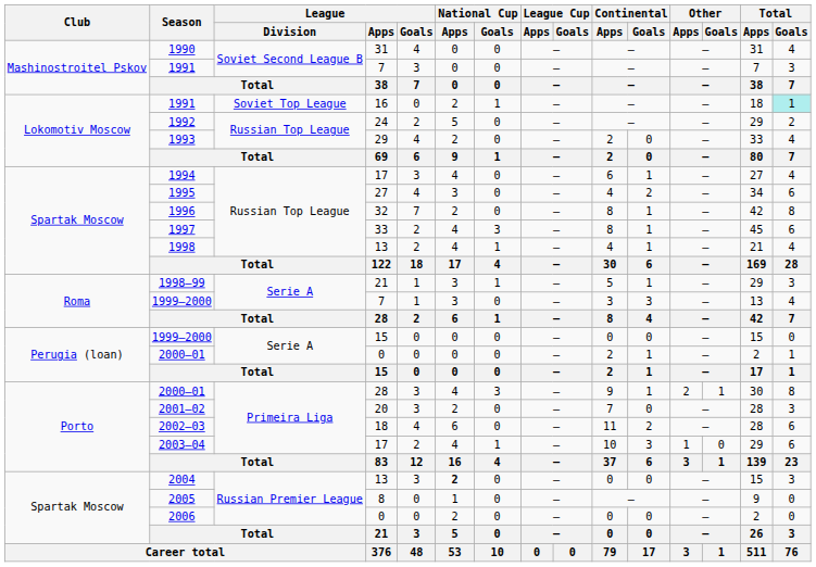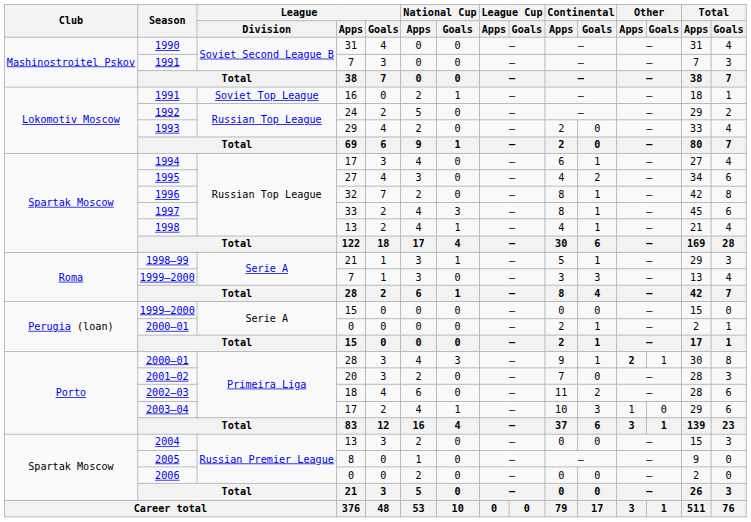 <table class="wikitable" style="text-align: center">
 <tr>
 <th rowspan="2">Club</th>
 <th rowspan="2">Season</th>
 <th colspan="3">League</th>
 <th colspan="2">National Cup</th>
 <th colspan="2">League Cup</th>
 <th colspan="2">Continental</th>
 <th colspan="2">Other</th>
 <th colspan="2">Total</th>
 </tr>
 <tr>
 <th>Division</th>
 <th>Apps</th>
 <th>Goals</th>
 <th>Apps</th>
 <th>Goals</th>
 <th>Apps</th>
 <th>Goals</th>
 <th>Apps</th>
 <th>Goals</th>
 <th>Apps</th>
 <th>Goals</th>
 <th>Apps</th>
 <th>Goals</th>
 </tr>
 <tr>
 <td rowspan="3"><a href='#'>Mashinostroitel Pskov</a></td>
 <td><a href='#'>1990</a></td>
 <td rowspan="2"><a href='#'>Soviet Second League B</a></td>
 <td>31</td>
 <td>4</td>
 <td>0</td>
 <td>0</td>
 <td colspan="2">—</td>
 <td colspan="2">—</td>
 <td colspan="2">—</td>
 <td>31</td>
 <td>4</td>
 </tr>
 <tr>
 <td><a href='#'>1991</a></td>
 <td>7</td>
 <td>3</td>
 <td>0</td>
 <td>0</td>
 <td colspan="2">—</td>
 <td colspan="2">—</td>
 <td colspan="2">—</td>
 <td>7</td>
 <td>3</td>
 </tr>
 <tr>
 <th colspan="2">Total</th>
 <th>38</th>
 <th>7</th>
 <th>0</th>
 <th>0</th>
 <th colspan="2">—</th>
 <th colspan="2">—</th>
 <th colspan="2">—</th>
 <th>38</th>
 <th>7</th>
 </tr>
 <tr>
 <td rowspan="4"><a href='#'>Lokomotiv Moscow</a></td>
 <td><a href='#'>1991</a></td>
 <td><a href='#'>Soviet Top League</a></td>
 <td>16</td>
 <td>0</td>
 <td>2</td>
 <td>1</td>
 <td colspan="2">—</td>
 <td colspan="2">—</td>
 <td colspan="2">—</td>
 <td>18</td>
-<td style="background: paleturquoise;">1</td>
+<td>1</td>
 </tr>
 <tr>
 <td><a href='#'>1992</a></td>
 <td rowspan="2"><a href='#'>Russian Top League</a></td>
 <td>24</td>
 <td>2</td>
 <td>5</td>
 <td>0</td>
 <td colspan="2">—</td>
 <td colspan="2">—</td>
 <td colspan="2">—</td>
 <td>29</td>
 <td>2</td>
 </tr>
 <tr>
 <td><a href='#'>1993</a></td>
 <td>29</td>
 <td>4</td>
 <td>2</td>
 <td>0</td>
 <td colspan="2">—</td>
 <td>2</td>
 <td>0</td>
 <td colspan="2">—</td>
 <td>33</td>
 <td>4</td>
 </tr>
 <tr>
 <th colspan="2">Total</th>
 <th>69</th>
 <th>6</th>
 <th>9</th>
 <th>1</th>
 <th colspan="2">—</th>
 <th>2</th>
 <th>0</th>
 <th colspan="2">—</th>
 <th>80</th>
 <th>7</th>
 </tr>
 <tr>
 <td rowspan="6"><a href='#'>Spartak Moscow</a></td>
 <td><a href='#'>1994</a></td>
 <td rowspan="5">Russian Top League</td>
 <td>17</td>
 <td>3</td>
 <td>4</td>
 <td>0</td>
 <td colspan="2">—</td>
 <td>6</td>
 <td>1</td>
 <td colspan="2">—</td>
 <td>27</td>
 <td>4</td>
 </tr>
 <tr>
 <td><a href='#'>1995</a></td>
 <td>27</td>
 <td>4</td>
 <td>3</td>
 <td>0</td>
 <td colspan="2">—</td>
 <td>4</td>
 <td>2</td>
 <td colspan="2">—</td>
 <td>34</td>
 <td>6</td>
 </tr>
 <tr>
 <td><a href='#'>1996</a></td>
 <td>32</td>
 <td>7</td>
 <td>2</td>
 <td>0</td>
 <td colspan="2">—</td>
 <td>8</td>
 <td>1</td>
 <td colspan="2">—</td>
 <td>42</td>
 <td>8</td>
 </tr>
 <tr>
 <td><a href='#'>1997</a></td>
 <td>33</td>
 <td>2</td>
 <td>4</td>
 <td>3</td>
 <td colspan="2">—</td>
 <td>8</td>
 <td>1</td>
 <td colspan="2">—</td>
 <td>45</td>
 <td>6</td>
 </tr>
 <tr>
 <td><a href='#'>1998</a></td>
 <td>13</td>
 <td>2</td>
 <td>4</td>
 <td>1</td>
 <td colspan="2">—</td>
 <td>4</td>
 <td>1</td>
 <td colspan="2">—</td>
 <td>21</td>
 <td>4</td>
 </tr>
 <tr>
 <th colspan="2">Total</th>
 <th>122</th>
 <th>18</th>
 <th>17</th>
 <th>4</th>
 <th colspan="2">—</th>
 <th>30</th>
 <th>6</th>
 <th colspan="2">—</th>
 <th>169</th>
 <th>28</th>
 </tr>
 <tr>
 <td rowspan="3"><a href='#'>Roma</a></td>
 <td><a href='#'>1998–99</a></td>
 <td rowspan="2"><a href='#'>Serie A</a></td>
 <td>21</td>
 <td>1</td>
 <td>3</td>
 <td>1</td>
 <td colspan="2">—</td>
 <td>5</td>
 <td>1</td>
 <td colspan="2">—</td>
 <td>29</td>
 <td>3</td>
 </tr>
 <tr>
 <td><a href='#'>1999–2000</a></td>
 <td>7</td>
 <td>1</td>
 <td>3</td>
 <td>0</td>
 <td colspan="2">—</td>
 <td>3</td>
 <td>3</td>
 <td colspan="2">—</td>
 <td>13</td>
 <td>4</td>
 </tr>
 <tr>
 <th colspan="2">Total</th>
 <th>28</th>
 <th>2</th>
 <th>6</th>
 <th>1</th>
 <th colspan="2">—</th>
 <th>8</th>
 <th>4</th>
 <th colspan="2">—</th>
 <th>42</th>
 <th>7</th>
 </tr>
 <tr>
 <td rowspan="3"><a href='#'>Perugia</a> (loan)</td>
 <td><a href='#'>1999–2000</a></td>
 <td rowspan="2">Serie A</td>
 <td>15</td>
 <td>0</td>
 <td>0</td>
 <td>0</td>
 <td colspan="2">—</td>
 <td>0</td>
 <td>0</td>
 <td colspan="2">—</td>
 <td>15</td>
 <td>0</td>
 </tr>
 <tr>
 <td><a href='#'>2000–01</a></td>
 <td>0</td>
 <td>0</td>
 <td>0</td>
 <td>0</td>
 <td colspan="2">—</td>
 <td>2</td>
 <td>1</td>
 <td colspan="2">—</td>
 <td>2</td>
 <td>1</td>
 </tr>
 <tr>
 <th colspan="2">Total</th>
 <th>15</th>
 <th>0</th>
 <th>0</th>
 <th>0</th>
 <th colspan="2">—</th>
 <th>2</th>
 <th>1</th>
 <th colspan="2">—</th>
 <th>17</th>
 <th>1</th>
 </tr>
 <tr>
 <td rowspan="5"><a href='#'>Porto</a></td>
 <td><a href='#'>2000–01</a></td>
 <td rowspan="4"><a href='#'>Primeira Liga</a></td>
 <td>28</td>
 <td>3</td>
 <td>4</td>
 <td>3</td>
 <td colspan="2">—</td>
 <td>9</td>
 <td>1</td>
-<td>2</td>
+<td><strong>2</strong></td>
 <td>1</td>
 <td>30</td>
 <td>8</td>
 </tr>
 <tr>
 <td><a href='#'>2001–02</a></td>
 <td>20</td>
 <td>3</td>
 <td>2</td>
 <td>0</td>
 <td colspan="2">—</td>
 <td>7</td>
 <td>0</td>
 <td colspan="2">—</td>
 <td>28</td>
 <td>3</td>
 </tr>
 <tr>
 <td><a href='#'>2002–03</a></td>
 <td>18</td>
 <td>4</td>
 <td>6</td>
 <td>0</td>
 <td colspan="2">—</td>
 <td>11</td>
 <td>2</td>
 <td colspan="2">—</td>
 <td>28</td>
 <td>6</td>
 </tr>
 <tr>
 <td><a href='#'>2003–04</a></td>
 <td>17</td>
 <td>2</td>
 <td>4</td>
 <td>1</td>
 <td colspan="2">—</td>
 <td>10</td>
 <td>3</td>
 <td>1</td>
 <td>0</td>
 <td>29</td>
 <td>6</td>
 </tr>
 <tr>
 <th colspan="2">Total</th>
 <th>83</th>
 <th>12</th>
 <th>16</th>
 <th>4</th>
 <th colspan="2">–</th>
 <th>37</th>
 <th>6</th>
 <th>3</th>
 <th>1</th>
 <th>139</th>
 <th>23</th>
 </tr>
 <tr>
 <td rowspan="4">Spartak Moscow</td>
 <td><a href='#'>2004</a></td>
 <td rowspan="3"><a href='#'>Russian Premier League</a></td>
 <td>13</td>
 <td>3</td>
-<td><strong>2</strong></td>
+<td>2</td>
 <td>0</td>
 <td colspan="2">—</td>
 <td>0</td>
 <td>0</td>
 <td colspan="2">—</td>
 <td>15</td>
 <td>3</td>
 </tr>
 <tr>
 <td><a href='#'>2005</a></td>
 <td>8</td>
 <td>0</td>
 <td>1</td>
 <td>0</td>
 <td colspan="2">—</td>
 <td colspan="2">—</td>
 <td colspan="2">—</td>
 <td>9</td>
 <td>0</td>
 </tr>
 <tr>
 <td><a href='#'>2006</a></td>
 <td>0</td>
 <td>0</td>
 <td>2</td>
 <td>0</td>
 <td colspan="2">—</td>
 <td>0</td>
 <td>0</td>
 <td colspan="2">—</td>
 <td>2</td>
 <td>0</td>
 </tr>
 <tr>
 <th colspan="2">Total</th>
 <th>21</th>
 <th>3</th>
 <th>5</th>
 <th>0</th>
 <th colspan="2">–</th>
 <th>0</th>
 <th>0</th>
 <th colspan="2">–</th>
 <th>26</th>
 <th>3</th>
 </tr>
 <tr>
 <th colspan="3">Career total</th>
 <th>376</th>
 <th>48</th>
 <th>53</th>
 <th>10</th>
 <th>0</th>
 <th>0</th>
 <th>79</th>
 <th>17</th>
 <th>3</th>
 <th>1</th>
 <th>511</th>
 <th>76</th>
 </tr>
 </table>
